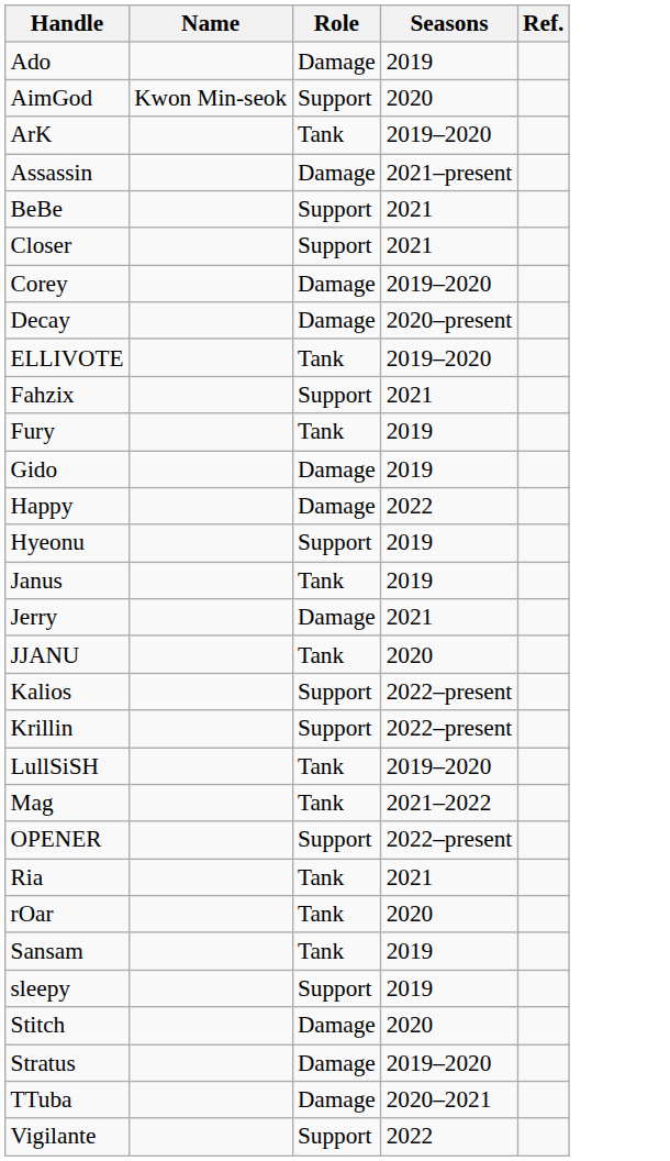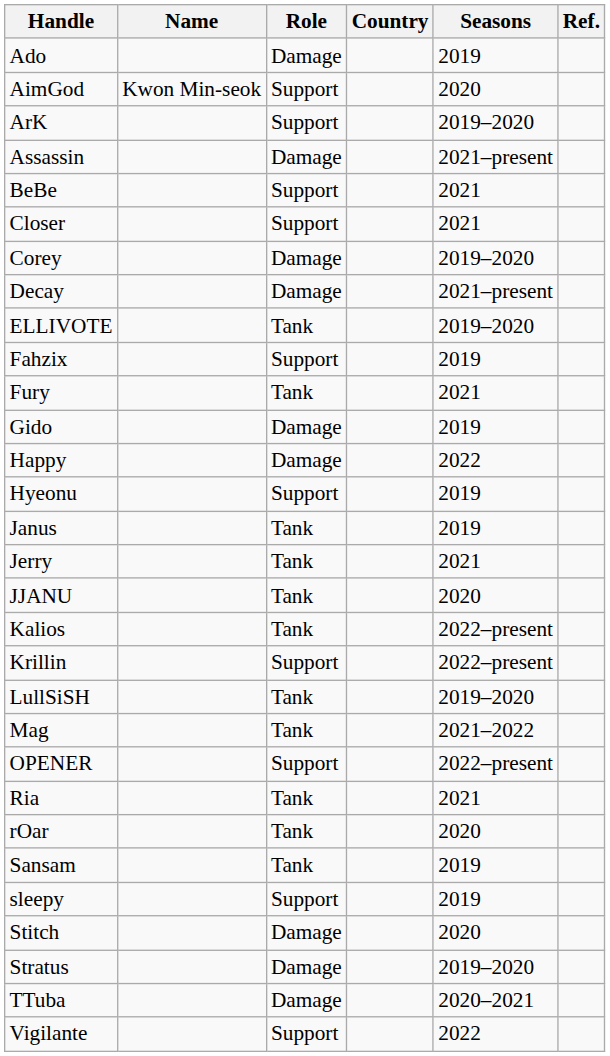 <table class="wikitable sortable" style="text-align:left;">
 <tr>
 <th style="background-color:#">Handle</th>
 <th style="background-color:#">Name</th>
 <th style="background-color:#">Role</th>
+<th style="background-color:#">Country</th>
 <th style="background-color:#">Seasons</th>
 <th style="background-color:#">Ref.</th>
 </tr>
 <tr>
 <td>Ado</td>
 <td></td>
 <td>Damage</td>
+<td></td>
 <td>2019</td>
 <td></td>
 </tr>
 <tr>
 <td>AimGod</td>
 <td>Kwon Min-seok</td>
 <td>Support</td>
+<td></td>
 <td>2020</td>
 <td></td>
 </tr>
 <tr>
 <td>ArK</td>
 <td></td>
-<td>Tank</td>
+<td>Support</td>
+<td></td>
 <td>2019–2020</td>
 <td></td>
 </tr>
 <tr>
 <td>Assassin</td>
 <td></td>
 <td>Damage</td>
+<td></td>
 <td>2021–present</td>
 <td></td>
 </tr>
 <tr>
 <td>BeBe</td>
 <td></td>
 <td>Support</td>
+<td></td>
 <td>2021</td>
 <td></td>
 </tr>
 <tr>
 <td>Closer</td>
 <td></td>
 <td>Support</td>
+<td></td>
 <td>2021</td>
 <td></td>
 </tr>
 <tr>
 <td>Corey</td>
 <td></td>
 <td>Damage</td>
+<td></td>
 <td>2019–2020</td>
 <td></td>
 </tr>
 <tr>
 <td>Decay</td>
 <td></td>
 <td>Damage</td>
-<td>2020–present</td>
+<td></td>
+<td>2021–present</td>
 <td></td>
 </tr>
 <tr>
 <td>ELLIVOTE</td>
 <td></td>
 <td>Tank</td>
+<td></td>
 <td>2019–2020</td>
 <td></td>
 </tr>
 <tr>
 <td>Fahzix</td>
 <td></td>
 <td>Support</td>
-<td>2021</td>
+<td></td>
+<td>2019</td>
 <td></td>
 </tr>
 <tr>
 <td>Fury</td>
 <td></td>
 <td>Tank</td>
-<td>2019</td>
+<td></td>
+<td>2021</td>
 <td></td>
 </tr>
 <tr>
 <td>Gido</td>
 <td></td>
 <td>Damage</td>
+<td></td>
 <td>2019</td>
 <td></td>
 </tr>
 <tr>
 <td>Happy</td>
 <td></td>
 <td>Damage</td>
+<td></td>
 <td>2022</td>
 <td></td>
 </tr>
 <tr>
 <td>Hyeonu</td>
 <td></td>
 <td>Support</td>
+<td></td>
 <td>2019</td>
 <td></td>
 </tr>
 <tr>
 <td>Janus</td>
 <td></td>
 <td>Tank</td>
+<td></td>
 <td>2019</td>
 <td></td>
 </tr>
 <tr>
 <td>Jerry</td>
 <td></td>
-<td>Damage</td>
+<td>Tank</td>
+<td></td>
 <td>2021</td>
 <td></td>
 </tr>
 <tr>
 <td>JJANU</td>
 <td></td>
 <td>Tank</td>
+<td></td>
 <td>2020</td>
 <td></td>
 </tr>
 <tr>
 <td>Kalios</td>
 <td></td>
-<td>Support</td>
+<td>Tank</td>
+<td></td>
 <td>2022–present</td>
 <td></td>
 </tr>
 <tr>
 <td>Krillin</td>
 <td></td>
 <td>Support</td>
+<td></td>
 <td>2022–present</td>
 <td></td>
 </tr>
 <tr>
 <td>LullSiSH</td>
 <td></td>
 <td>Tank</td>
+<td></td>
 <td>2019–2020</td>
 <td></td>
 </tr>
 <tr>
 <td>Mag</td>
 <td></td>
 <td>Tank</td>
+<td></td>
 <td>2021–2022</td>
 <td></td>
 </tr>
 <tr>
 <td>OPENER</td>
 <td></td>
 <td>Support</td>
+<td></td>
 <td>2022–present</td>
 <td></td>
 </tr>
 <tr>
 <td>Ria</td>
 <td></td>
 <td>Tank</td>
+<td></td>
 <td>2021</td>
 <td></td>
 </tr>
 <tr>
 <td>rOar</td>
 <td></td>
 <td>Tank</td>
+<td></td>
 <td>2020</td>
 <td></td>
 </tr>
 <tr>
 <td>Sansam</td>
 <td></td>
 <td>Tank</td>
+<td></td>
 <td>2019</td>
 <td></td>
 </tr>
 <tr>
 <td>sleepy</td>
 <td></td>
 <td>Support</td>
+<td></td>
 <td>2019</td>
 <td></td>
 </tr>
 <tr>
 <td>Stitch</td>
 <td></td>
 <td>Damage</td>
+<td></td>
 <td>2020</td>
 <td></td>
 </tr>
 <tr>
 <td>Stratus</td>
 <td></td>
 <td>Damage</td>
+<td></td>
 <td>2019–2020</td>
 <td></td>
 </tr>
 <tr>
 <td>TTuba</td>
 <td></td>
 <td>Damage</td>
+<td></td>
 <td>2020–2021</td>
 <td></td>
 </tr>
 <tr>
 <td>Vigilante</td>
 <td></td>
 <td>Support</td>
+<td></td>
 <td>2022</td>
 <td></td>
 </tr>
 </table>
